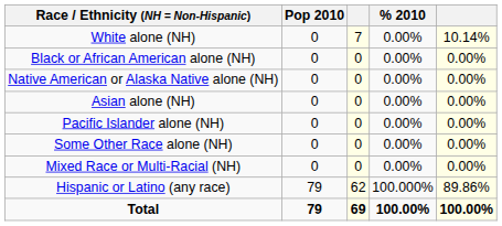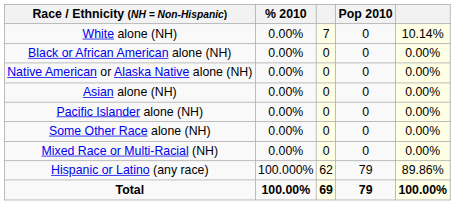 <table class="wikitable" style="text-align:center;">
 <tr>
 <th>Race / Ethnicity <small>(<em>NH = Non-Hispanic</em>)</small></th>
+<th>% 2010</th>
+<th></th>
 <th>Pop 2010</th>
-<th></th>
-<th>% 2010</th>
 <th></th>
 </tr>
 <tr>
 <td><a href='#'>White</a> alone (NH)</td>
+<td>0.00%</td>
+<td style='background: #ffffe6;'>7</td>
 <td>0</td>
-<td style='background: #ffffe6;'>7</td>
-<td>0.00%</td>
 <td style='background: #ffffe6;'>10.14%</td>
 </tr>
 <tr>
 <td><a href='#'>Black or African American</a> alone (NH)</td>
+<td>0.00%</td>
+<td style='background: #ffffe6;'>0</td>
 <td>0</td>
-<td style='background: #ffffe6;'>0</td>
-<td>0.00%</td>
 <td style='background: #ffffe6;'>0.00%</td>
 </tr>
 <tr>
 <td><a href='#'>Native American</a> or <a href='#'>Alaska Native</a> alone (NH)</td>
+<td>0.00%</td>
+<td style='background: #ffffe6;'>0</td>
 <td>0</td>
-<td style='background: #ffffe6;'>0</td>
-<td>0.00%</td>
 <td style='background: #ffffe6;'>0.00%</td>
 </tr>
 <tr>
 <td><a href='#'>Asian</a> alone (NH)</td>
+<td>0.00%</td>
+<td style='background: #ffffe6;'>0</td>
 <td>0</td>
-<td style='background: #ffffe6;'>0</td>
-<td>0.00%</td>
 <td style='background: #ffffe6;'>0.00%</td>
 </tr>
 <tr>
 <td><a href='#'>Pacific Islander</a> alone (NH)</td>
+<td>0.00%</td>
+<td style='background: #ffffe6;'>0</td>
 <td>0</td>
-<td style='background: #ffffe6;'>0</td>
-<td>0.00%</td>
 <td style='background: #ffffe6;'>0.00%</td>
 </tr>
 <tr>
 <td><a href='#'>Some Other Race</a> alone (NH)</td>
+<td>0.00%</td>
+<td style='background: #ffffe6;'>0</td>
 <td>0</td>
-<td style='background: #ffffe6;'>0</td>
-<td>0.00%</td>
 <td style='background: #ffffe6;'>0.00%</td>
 </tr>
 <tr>
 <td><a href='#'>Mixed Race or Multi-Racial</a> (NH)</td>
+<td>0.00%</td>
+<td style='background: #ffffe6;'>0</td>
 <td>0</td>
-<td style='background: #ffffe6;'>0</td>
-<td>0.00%</td>
 <td style='background: #ffffe6;'>0.00%</td>
 </tr>
 <tr>
 <td><a href='#'>Hispanic or Latino</a> (any race)</td>
+<td>100.000%</td>
+<td style='background: #ffffe6;'>62</td>
 <td>79</td>
-<td style='background: #ffffe6;'>62</td>
-<td>100.000%</td>
 <td style='background: #ffffe6;'>89.86%</td>
 </tr>
 <tr>
 <td><strong>Total</strong></td>
+<td><strong>100.00%</strong></td>
+<td style='background: #ffffe6;'><strong>69</strong></td>
 <td><strong>79</strong></td>
-<td style='background: #ffffe6;'><strong>69</strong></td>
-<td><strong>100.00%</strong></td>
 <td style='background: #ffffe6;'><strong>100.00%</strong></td>
 </tr>
 </table>
